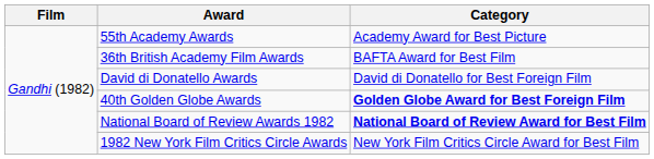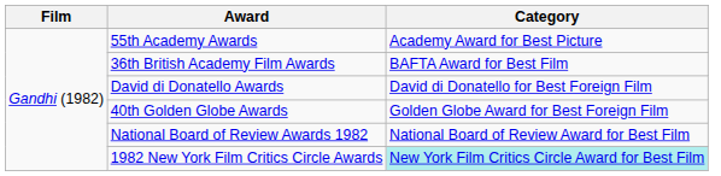 <table class="wikitable">
 <tr>
 <th>Film</th>
 <th>Award</th>
 <th>Category</th>
 </tr>
 <tr>
 <td rowspan="6"><em><a href='#'>Gandhi</a></em> (1982)</td>
 <td><a href='#'>55th Academy Awards</a></td>
 <td><a href='#'>Academy Award for Best Picture</a></td>
 </tr>
 <tr>
 <td><a href='#'>36th British Academy Film Awards</a></td>
 <td><a href='#'>BAFTA Award for Best Film</a></td>
 </tr>
 <tr>
 <td><a href='#'>David di Donatello Awards</a></td>
 <td><a href='#'>David di Donatello for Best Foreign Film</a></td>
 </tr>
 <tr>
 <td><a href='#'>40th Golden Globe Awards</a></td>
-<td><strong><a href='#'>Golden Globe Award for Best Foreign Film</a></strong></td>
+<td><a href='#'>Golden Globe Award for Best Foreign Film</a></td>
 </tr>
 <tr>
 <td><a href='#'>National Board of Review Awards 1982</a></td>
-<td><strong><a href='#'>National Board of Review Award for Best Film</a></strong></td>
+<td><a href='#'>National Board of Review Award for Best Film</a></td>
 </tr>
 <tr>
 <td><a href='#'>1982 New York Film Critics Circle Awards</a></td>
-<td><a href='#'>New York Film Critics Circle Award for Best Film</a></td>
+<td style="background: paleturquoise;"><a href='#'>New York Film Critics Circle Award for Best Film</a></td>
 </tr>
 </table>
